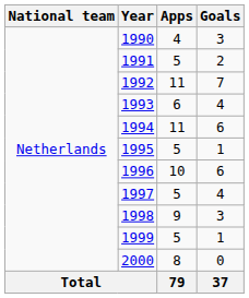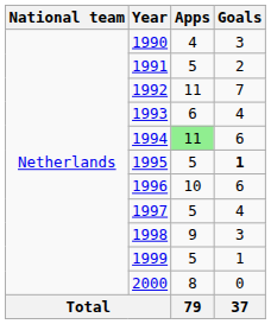 <table class="wikitable" style="text-align:center">
 <tr>
 <th>National team</th>
 <th>Year</th>
 <th>Apps</th>
 <th>Goals</th>
 </tr>
 <tr>
 <td rowspan="11"><a href='#'>Netherlands</a></td>
 <td><a href='#'>1990</a></td>
 <td>4</td>
 <td>3</td>
 </tr>
 <tr>
 <td><a href='#'>1991</a></td>
 <td>5</td>
 <td>2</td>
 </tr>
 <tr>
 <td><a href='#'>1992</a></td>
 <td>11</td>
 <td>7</td>
 </tr>
 <tr>
 <td><a href='#'>1993</a></td>
 <td>6</td>
 <td>4</td>
 </tr>
 <tr>
 <td><a href='#'>1994</a></td>
-<td>11</td>
+<td style="background: lightgreen;">11</td>
 <td>6</td>
 </tr>
 <tr>
 <td><a href='#'>1995</a></td>
 <td>5</td>
-<td>1</td>
+<td><strong>1</strong></td>
 </tr>
 <tr>
 <td><a href='#'>1996</a></td>
 <td>10</td>
 <td>6</td>
 </tr>
 <tr>
 <td><a href='#'>1997</a></td>
 <td>5</td>
 <td>4</td>
 </tr>
 <tr>
 <td><a href='#'>1998</a></td>
 <td>9</td>
 <td>3</td>
 </tr>
 <tr>
 <td><a href='#'>1999</a></td>
 <td>5</td>
 <td>1</td>
 </tr>
 <tr>
 <td><a href='#'>2000</a></td>
 <td>8</td>
 <td>0</td>
 </tr>
 <tr>
 <th colspan="2">Total</th>
 <th>79</th>
 <th>37</th>
 </tr>
 </table>
